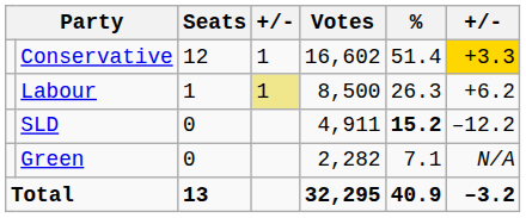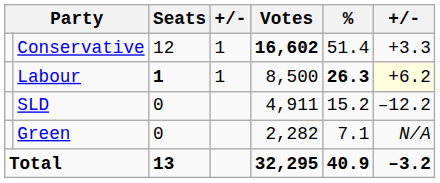 <table class="wikitable sortable">
 <tr>
 <th colspan="2">Party</th>
 <th>Seats</th>
 <th>+/-</th>
 <th>Votes</th>
 <th>%</th>
 <th>+/-</th>
 </tr>
 <tr>
 <td style="background-color: "></td>
 <td><a href='#'>Conservative</a></td>
 <td>12</td>
 <td> 1</td>
-<td style="text-align:right;">16,602</td>
+<td style="text-align:right;"><strong>16,602</strong></td>
 <td style="text-align:right;">51.4</td>
-<td style="background: gold; text-align:right;">+3.3</td>
+<td style="text-align:right;">+3.3</td>
 </tr>
 <tr>
 <td style="background-color: "></td>
 <td><a href='#'>Labour</a></td>
-<td>1</td>
-<td style="background: khaki;"> 1</td>
+<td><strong>1</strong></td>
+<td> 1</td>
 <td style="text-align:right;">8,500</td>
-<td style="text-align:right;">26.3</td>
-<td style="text-align:right;">+6.2</td>
+<td style="text-align:right;"><strong>26.3</strong></td>
+<td style="background: lightyellow; text-align:right;">+6.2</td>
 </tr>
 <tr>
 <td style="background-color: "></td>
 <td><a href='#'>SLD</a></td>
 <td>0</td>
 <td></td>
 <td style="text-align:right;">4,911</td>
-<td style="text-align:right;"><strong>15.2</strong></td>
+<td style="text-align:right;">15.2</td>
 <td style="text-align:right;">–12.2</td>
 </tr>
 <tr>
 <td style="background-color: "></td>
 <td><a href='#'>Green</a></td>
 <td>0</td>
 <td></td>
 <td style="text-align:right;">2,282</td>
 <td style="text-align:right;">7.1</td>
 <td style="text-align:right;"><em>N/A</em></td>
 </tr>
 <tr>
 <td colspan="2"><strong>Total</strong></td>
 <td><strong>13</strong></td>
 <td></td>
 <td style="text-align:right;"><strong>32,295</strong></td>
 <td style="text-align:right;"><strong>40.9</strong></td>
 <td style="text-align:right;"><strong>–3.2</strong></td>
 </tr>
 </table>
